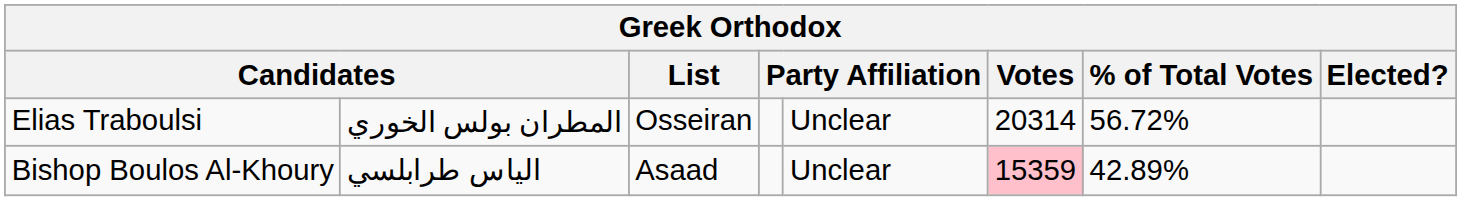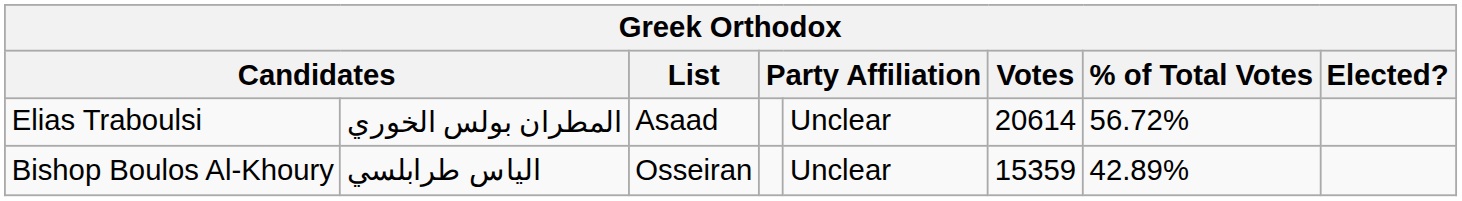 <table class="wikitable sortable">
 <tr>
 <th colspan="8">Greek Orthodox</th>
 </tr>
 <tr>
 <th colspan="2">Candidates</th>
 <th>List</th>
 <th colspan="2">Party Affiliation</th>
 <th>Votes</th>
 <th>% of Total Votes</th>
 <th>Elected?</th>
 </tr>
 <tr>
 <td>Elias Traboulsi</td>
 <td>المطران بولس الخوري</td>
-<td>Osseiran</td>
+<td>Asaad</td>
 <td style="background: "></td>
 <td>Unclear</td>
-<td>20314</td>
+<td>20614</td>
 <td>56.72%</td>
 <td></td>
 </tr>
 <tr>
 <td>Bishop Boulos Al-Khoury</td>
 <td>الياس طرابلسي</td>
-<td>Asaad</td>
+<td>Osseiran</td>
 <td style="background: "></td>
 <td>Unclear</td>
-<td style="background: pink;">15359</td>
+<td>15359</td>
 <td>42.89%</td>
 <td></td>
 </tr>
 </table>
